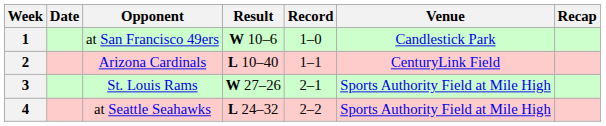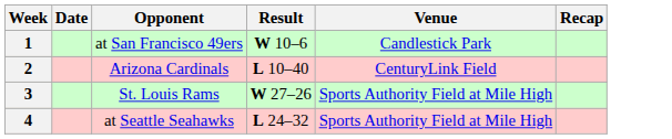 <table class="wikitable" style="text-align:center">
 <tr>
 <th>Week</th>
 <th>Date</th>
 <th>Opponent</th>
 <th>Result</th>
-<th>Record</th>
 <th>Venue</th>
 <th>Recap</th>
 </tr>
 <tr style="background:#cfc">
 <th>1</th>
 <td></td>
 <td>at <a href='#'>San Francisco 49ers</a></td>
 <td><strong>W</strong> 10–6</td>
-<td>1–0</td>
 <td><a href='#'>Candlestick Park</a></td>
 <td></td>
 </tr>
 <tr style="background:#fcc">
 <th>2</th>
 <td></td>
 <td><a href='#'>Arizona Cardinals</a></td>
 <td><strong>L</strong> 10–40</td>
-<td>1–1</td>
 <td><a href='#'>CenturyLink Field</a></td>
 <td></td>
 </tr>
 <tr style="background:#cfc">
 <th>3</th>
 <td></td>
 <td><a href='#'>St. Louis Rams</a></td>
 <td><strong>W</strong> 27–26</td>
-<td>2–1</td>
 <td><a href='#'>Sports Authority Field at Mile High</a></td>
 <td></td>
 </tr>
 <tr style="background:#fcc">
 <th>4</th>
 <td></td>
 <td>at <a href='#'>Seattle Seahawks</a></td>
 <td><strong>L</strong> 24–32</td>
-<td>2–2</td>
 <td><a href='#'>Sports Authority Field at Mile High</a></td>
 <td></td>
 </tr>
 </table>
